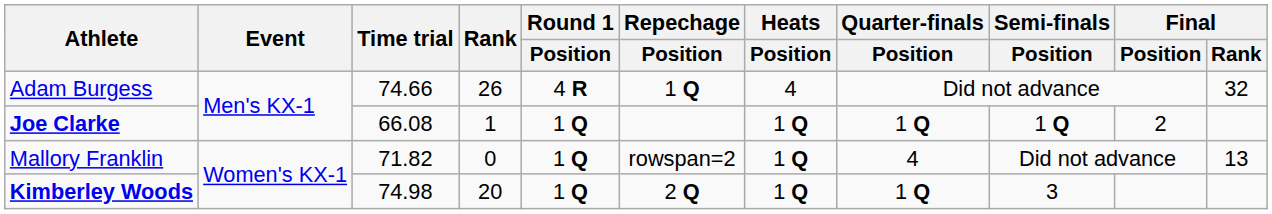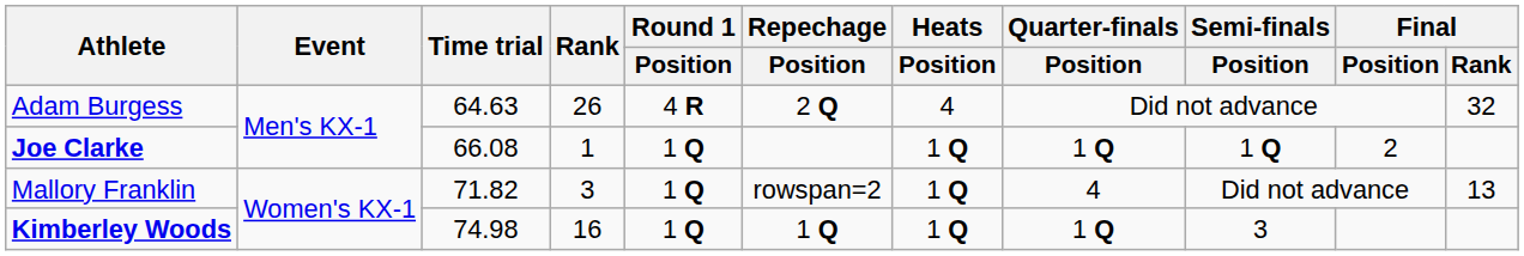 <table class=wikitable style=font-size:90%;text-align:center>
 <tr>
 <th rowspan=2>Athlete</th>
 <th rowspan=2>Event</th>
 <th rowspan=2>Time trial</th>
 <th rowspan=2>Rank</th>
 <th>Round 1</th>
 <th>Repechage</th>
 <th>Heats</th>
 <th>Quarter-finals</th>
 <th>Semi-finals</th>
 <th colspan=2>Final</th>
 </tr>
 <tr style=font-size:95%>
 <th>Position</th>
 <th>Position</th>
 <th>Position</th>
 <th>Position</th>
 <th>Position</th>
 <th>Position</th>
 <th>Rank</th>
 </tr>
 <tr>
 <td align=left><a href='#'>Adam Burgess</a></td>
 <td align=left rowspan=2><a href='#'>Men's KX-1</a></td>
-<td>74.66</td>
+<td>64.63</td>
 <td>26</td>
 <td>4 <strong>R</strong></td>
-<td>1 <strong>Q</strong></td>
+<td>2 <strong>Q</strong></td>
 <td>4</td>
 <td colspan="3">Did not advance</td>
 <td>32</td>
 </tr>
 <tr>
 <td align=left><strong><a href='#'>Joe Clarke</a></strong></td>
 <td>66.08</td>
 <td>1</td>
 <td>1 <strong>Q</strong></td>
 <td></td>
 <td>1 <strong>Q</strong></td>
 <td>1 <strong>Q</strong></td>
 <td>1 <strong>Q</strong></td>
 <td>2</td>
 <td></td>
 </tr>
 <tr>
 <td align=left><a href='#'>Mallory Franklin</a></td>
 <td align=left rowspan=2><a href='#'>Women's KX-1</a></td>
 <td>71.82</td>
-<td>0</td>
+<td>3</td>
 <td>1 <strong>Q</strong></td>
 <td>rowspan=2 </td>
 <td>1 <strong>Q</strong></td>
 <td>4</td>
 <td colspan=2>Did not advance</td>
 <td>13</td>
 </tr>
 <tr>
 <td align=left><strong><a href='#'>Kimberley Woods</a></strong></td>
 <td>74.98</td>
-<td>20</td>
+<td>16</td>
 <td>1 <strong>Q</strong></td>
-<td>2 <strong>Q</strong></td>
+<td>1 <strong>Q</strong></td>
 <td>1 <strong>Q</strong></td>
 <td>1 <strong>Q</strong></td>
 <td>3</td>
 <td></td>
 </tr>
 </table>
